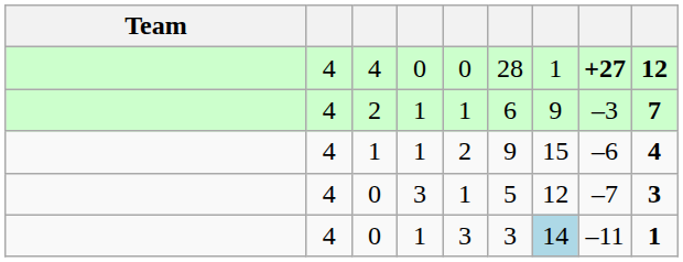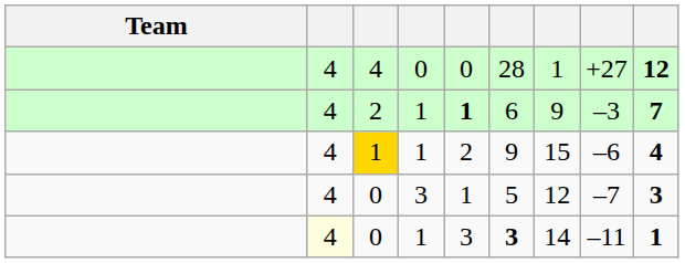 <table class="wikitable" style="text-align: center;">
 <tr>
 <th width="175">Team</th>
 <th width="20"></th>
 <th width="20"></th>
 <th width="20"></th>
 <th width="20"></th>
 <th width="20"></th>
 <th width="20"></th>
 <th width="20"></th>
 <th width="20"><strong></strong></th>
 </tr>
 <tr bgcolor=#cfc>
 <td align=left></td>
 <td>4</td>
 <td>4</td>
 <td>0</td>
 <td>0</td>
 <td>28</td>
 <td>1</td>
-<td><strong>+27</strong></td>
+<td>+27</td>
 <td><strong>12</strong></td>
 </tr>
 <tr bgcolor=#cfc>
 <td align=left></td>
 <td>4</td>
 <td>2</td>
 <td>1</td>
-<td>1</td>
+<td><strong>1</strong></td>
 <td>6</td>
 <td>9</td>
 <td>–3</td>
 <td><strong>7</strong></td>
 </tr>
 <tr>
 <td align=left></td>
 <td>4</td>
-<td>1</td>
+<td style="background: gold;">1</td>
 <td>1</td>
 <td>2</td>
 <td>9</td>
 <td>15</td>
 <td>–6</td>
 <td><strong>4</strong></td>
 </tr>
 <tr>
 <td align=left></td>
 <td>4</td>
 <td>0</td>
 <td>3</td>
 <td>1</td>
 <td>5</td>
 <td>12</td>
 <td>–7</td>
 <td><strong>3</strong></td>
 </tr>
 <tr>
 <td align=left></td>
-<td>4</td>
+<td style="background: lightyellow;">4</td>
 <td>0</td>
 <td>1</td>
 <td>3</td>
-<td>3</td>
-<td style="background: lightblue;">14</td>
+<td><strong>3</strong></td>
+<td>14</td>
 <td>–11</td>
 <td><strong>1</strong></td>
 </tr>
 </table>
